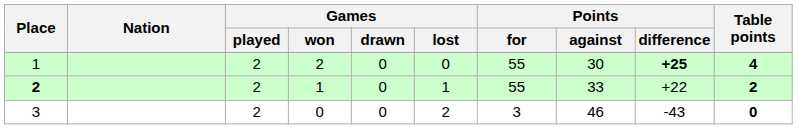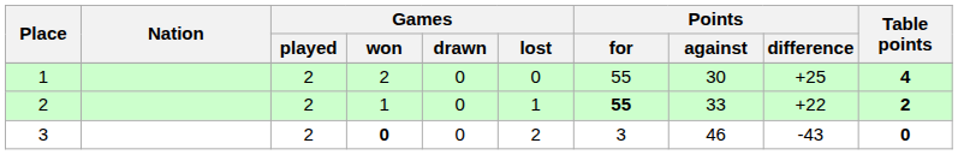 <table class="wikitable">
 <tr>
 <th rowspan=2 width="8%">Place</th>
 <th rowspan=2 width="20%">Nation</th>
 <th colspan=4 width="32%">Games</th>
 <th colspan=3 width="30%">Points</th>
 <th rowspan=2 width="10%">Table<br>points</th>
 </tr>
 <tr>
 <th width="8%">played</th>
 <th width="8%">won</th>
 <th width="8%">drawn</th>
 <th width="8%">lost</th>
 <th width="10%">for</th>
 <th width="10%">against</th>
 <th width="10%">difference</th>
 </tr>
 <tr>
 </tr>
 <tr bgcolor=#ccffcc align=center>
 <td>1</td>
 <td align=left></td>
 <td>2</td>
 <td>2</td>
 <td>0</td>
 <td>0</td>
 <td>55</td>
 <td>30</td>
-<td><strong>+25</strong></td>
+<td>+25</td>
 <td><strong>4</strong></td>
 </tr>
 <tr bgcolor=#ccffcc align=center>
-<td><strong>2</strong></td>
+<td>2</td>
 <td align=left></td>
 <td>2</td>
 <td>1</td>
 <td>0</td>
 <td>1</td>
-<td>55</td>
+<td><strong>55</strong></td>
 <td>33</td>
 <td>+22</td>
 <td><strong>2</strong></td>
 </tr>
 <tr bgcolor=#ffffff align=center>
 <td>3</td>
 <td align=left></td>
 <td>2</td>
-<td>0</td>
+<td><strong>0</strong></td>
 <td>0</td>
 <td>2</td>
 <td>3</td>
 <td>46</td>
 <td>-43</td>
 <td><strong>0</strong></td>
 </tr>
 </table>
